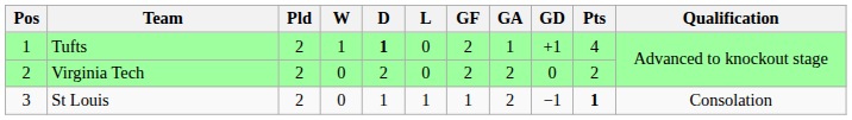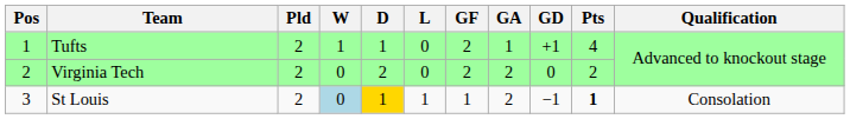 <table class="wikitable" style="text-align:center; margin: 1em auto">
 <tr>
 <th style="width:2em">Pos</th>
 <th style="width:13em">Team</th>
 <th style="width:2em">Pld</th>
 <th style="width:2em">W</th>
 <th style="width:2em">D</th>
 <th style="width:2em">L</th>
 <th style="width:2em">GF</th>
 <th style="width:2em">GA</th>
 <th style="width:2em">GD</th>
 <th style="width:2em">Pts</th>
 <th style="width:13em">Qualification</th>
 </tr>
 <tr bgcolor="#9eff9e">
 <td>1</td>
 <td style="text-align:left">Tufts</td>
 <td>2</td>
 <td>1</td>
-<td><strong>1</strong></td>
+<td>1</td>
 <td>0</td>
 <td>2</td>
 <td>1</td>
 <td>+1</td>
 <td>4</td>
 <td rowspan="2">Advanced to knockout stage</td>
 </tr>
 <tr bgcolor="#9eff9e">
 <td>2</td>
 <td style="text-align:left">Virginia Tech</td>
 <td>2</td>
 <td>0</td>
 <td>2</td>
 <td>0</td>
 <td>2</td>
 <td>2</td>
 <td>0</td>
 <td>2</td>
 </tr>
 <tr>
 <td>3</td>
 <td style="text-align:left">St Louis</td>
 <td>2</td>
-<td>0</td>
-<td>1</td>
+<td style="background: lightblue;">0</td>
+<td style="background: gold;">1</td>
 <td>1</td>
 <td>1</td>
 <td>2</td>
 <td>−1</td>
 <td><strong>1</strong></td>
 <td>Consolation</td>
 </tr>
 </table>
